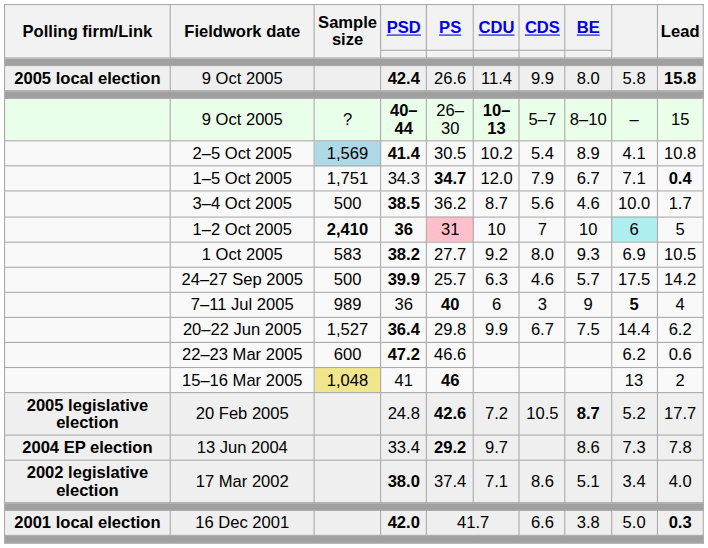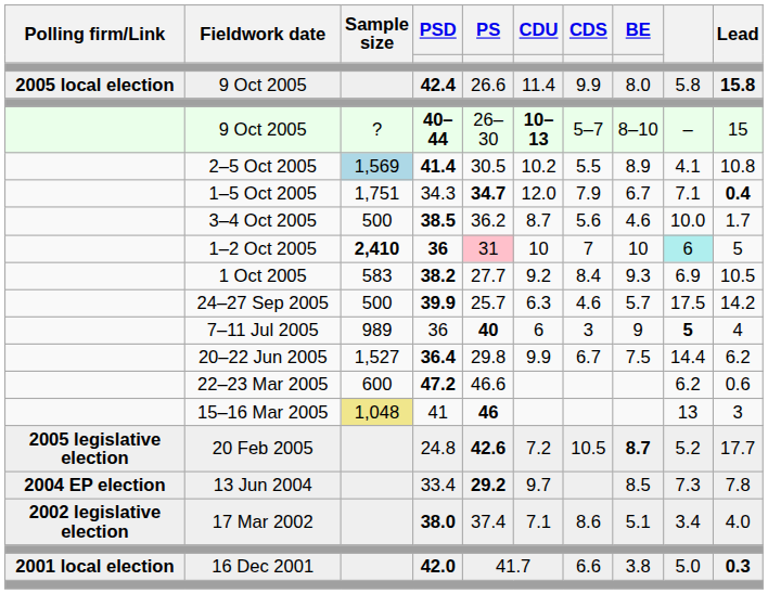 <table class="wikitable collapsible sortable" style="text-align:center; font-size:95%; line-height:16px;">
 <tr style="height:42px;">
 <th style="width:145px;" rowspan="2">Polling firm/Link</th>
 <th style="width:125px;" rowspan="2">Fieldwork date</th>
 <th class="unsortable" style="width:50px;" rowspan="2">Sample size</th>
 <th class="unsortable" style="width:35px;"><a href='#'>PSD</a></th>
 <th class="unsortable" style="width:36px;"><a href='#'>PS</a></th>
 <th class="unsortable" style="width:35px;"><a href='#'>CDU</a></th>
 <th class="unsortable" style="width:35px;"><a href='#'>CDS</a></th>
 <th class="unsortable" style="width:35px;"><a href='#'>BE</a></th>
 <th class="unsortable" style="width:35px;" rowspan="2"></th>
 <th class="unsortable" style="width:30px;" rowspan="2">Lead</th>
 </tr>
 <tr>
 <th class="unsortable" style="color:inherit;background:"></th>
 <th class="unsortable" style="color:inherit;background:"></th>
 <th class="unsortable" style="color:inherit;background:"></th>
 <th class="unsortable" style="color:inherit;background:"></th>
 <th class="unsortable" style="color:inherit;background:"></th>
 </tr>
 <tr>
 <td colspan="13" style="background:#A0A0A0"></td>
 </tr>
 <tr style="background:#EFEFEF;">
 <td><strong>2005 local election</strong></td>
 <td data-sort-value="2019-10-06">9 Oct 2005</td>
 <td></td>
 <td><strong>42.4</strong><br></td>
 <td>26.6<br></td>
 <td>11.4<br></td>
 <td>9.9<br></td>
 <td>8.0<br></td>
 <td>5.8<br></td>
 <td style="background:"><strong>15.8</strong></td>
 </tr>
 <tr>
 <td colspan="11" style="background:#A0A0A0"></td>
 </tr>
 <tr>
 </tr>
 <tr style="background:#EAFFEA"|>
 <td></td>
 <td data-sort-value="2019-10-06">9 Oct 2005</td>
 <td>?</td>
 <td><strong>40–44</strong></td>
 <td>26–30</td>
 <td><strong>10–13</strong></td>
 <td>5–7</td>
 <td>8–10</td>
 <td>–</td>
 <td style="background:">15</td>
 </tr>
 <tr>
 <td align="center"></td>
 <td align="center">2–5 Oct 2005</td>
 <td style="background: lightblue;">1,569</td>
 <td align="center" ><strong>41.4</strong></td>
 <td align="center">30.5</td>
 <td align="center">10.2</td>
-<td align="center">5.4</td>
+<td align="center">5.5</td>
 <td align="center">8.9</td>
 <td align="center">4.1</td>
 <td style="background:">10.8</td>
 </tr>
 <tr>
 <td align="center"></td>
 <td align="center">1–5 Oct 2005</td>
 <td>1,751</td>
 <td align="center">34.3</td>
 <td align="center" ><strong>34.7</strong></td>
 <td align="center">12.0</td>
 <td align="center">7.9</td>
 <td align="center">6.7</td>
 <td align="center">7.1</td>
 <td style="background:"><strong>0.4</strong></td>
 </tr>
 <tr>
 <td align="center"></td>
 <td align="center">3–4 Oct 2005</td>
 <td>500</td>
 <td align="center" ><strong>38.5</strong></td>
 <td align="center">36.2</td>
 <td align="center">8.7</td>
 <td align="center">5.6</td>
 <td align="center">4.6</td>
 <td align="center">10.0</td>
 <td style="background:">1.7</td>
 </tr>
 <tr>
 <td align="center"></td>
 <td align="center">1–2 Oct 2005</td>
 <td><strong>2,410</strong></td>
 <td align="center" ><strong>36</strong></td>
 <td align="center" style="background: pink;">31</td>
 <td align="center">10</td>
 <td align="center">7</td>
 <td align="center">10</td>
 <td align="center" style="background: paleturquoise;">6</td>
 <td style="background:">5</td>
 </tr>
 <tr>
 <td align="center"></td>
 <td align="center">1 Oct 2005</td>
 <td>583</td>
 <td align="center" ><strong>38.2</strong></td>
 <td align="center">27.7</td>
 <td align="center">9.2</td>
-<td align="center">8.0</td>
+<td align="center">8.4</td>
 <td align="center">9.3</td>
 <td align="center">6.9</td>
 <td style="background:">10.5</td>
 </tr>
 <tr>
 <td align="center"></td>
 <td align="center">24–27 Sep 2005</td>
 <td>500</td>
 <td align="center" ><strong>39.9</strong></td>
 <td align="center">25.7</td>
 <td align="center">6.3</td>
 <td align="center">4.6</td>
 <td align="center">5.7</td>
 <td align="center">17.5</td>
 <td style="background:">14.2</td>
 </tr>
 <tr>
 <td align="center"></td>
 <td align="center">7–11 Jul 2005</td>
 <td>989</td>
 <td align="center">36</td>
 <td align="center" ><strong>40</strong></td>
 <td align="center">6</td>
 <td align="center">3</td>
 <td align="center">9</td>
 <td align="center"><strong>5</strong></td>
 <td style="background:">4</td>
 </tr>
 <tr>
 <td align="center"></td>
 <td align="center">20–22 Jun 2005</td>
 <td>1,527</td>
 <td align="center" ><strong>36.4</strong></td>
 <td align="center">29.8</td>
 <td align="center">9.9</td>
 <td align="center">6.7</td>
 <td align="center">7.5</td>
 <td align="center">14.4</td>
 <td style="background:">6.2</td>
 </tr>
 <tr>
 <td align="center"></td>
 <td align="center">22–23 Mar 2005</td>
 <td>600</td>
 <td align="center" ><strong>47.2</strong></td>
 <td align="center">46.6</td>
 <td></td>
 <td></td>
 <td></td>
 <td align="center">6.2</td>
 <td style="background:">0.6</td>
 </tr>
 <tr>
 <td align="center"></td>
 <td align="center">15–16 Mar 2005</td>
 <td style="background: khaki;">1,048</td>
 <td align="center">41</td>
 <td align="center" ><strong>46</strong></td>
 <td></td>
 <td></td>
 <td></td>
 <td align="center">13</td>
-<td style="background:">2</td>
+<td style="background:">3</td>
 </tr>
 <tr style="background:#EFEFEF;">
 <td><strong>2005 legislative election</strong></td>
 <td>20 Feb 2005</td>
 <td></td>
 <td>24.8<br></td>
 <td align="center" ><strong>42.6</strong><br></td>
 <td>7.2<br></td>
 <td>10.5<br></td>
 <td><strong>8.7<br></strong></td>
 <td>5.2<br></td>
 <td style="background:">17.7</td>
 </tr>
 <tr style="background:#EFEFEF;">
 <td><strong>2004 EP election</strong></td>
 <td>13 Jun 2004</td>
 <td></td>
 <td>33.4<br></td>
 <td align="center" ><strong>29.2</strong><br></td>
 <td>9.7<br></td>
 <td></td>
-<td>8.6<br></td>
+<td>8.5<br></td>
 <td>7.3<br></td>
 <td style="background:">7.8</td>
 </tr>
 <tr style="background:#EFEFEF;">
 <td><strong>2002 legislative election</strong></td>
 <td>17 Mar 2002</td>
 <td></td>
 <td align="center" ><strong>38.0</strong><br></td>
 <td>37.4<br></td>
 <td>7.1<br></td>
 <td>8.6<br></td>
 <td>5.1<br></td>
 <td>3.4<br></td>
 <td style="background:">4.0</td>
 </tr>
 <tr>
 <td colspan="11" style="background:#A0A0A0"></td>
 </tr>
 <tr style="background:#EFEFEF;">
 <td><strong>2001 local election</strong></td>
 <td data-sort-value="2019-10-06">16 Dec 2001</td>
 <td></td>
 <td><strong>42.0</strong><br></td>
 <td colspan="2">41.7<br></td>
 <td>6.6<br></td>
 <td>3.8<br></td>
 <td>5.0<br></td>
 <td style="background:"><strong>0.3</strong></td>
 </tr>
 <tr>
 <td colspan="11" style="background:#A0A0A0"></td>
 </tr>
 </table>
